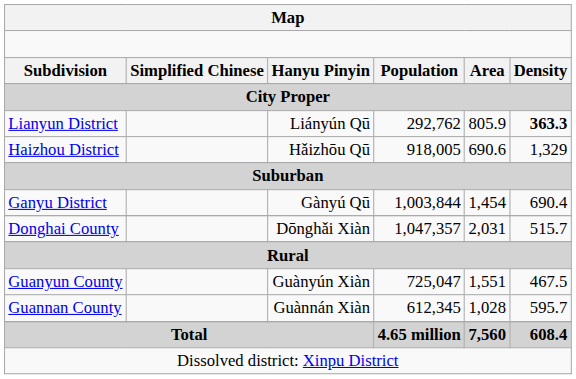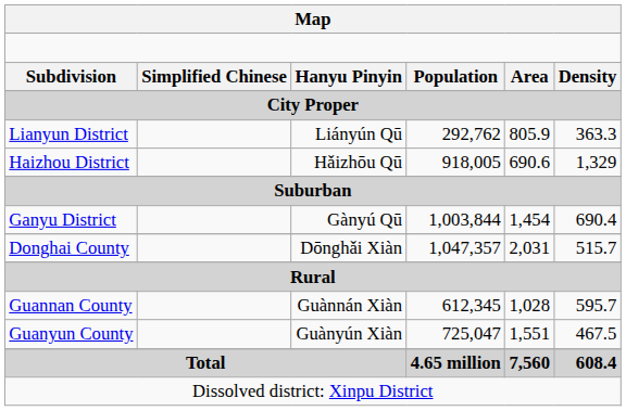 <table class="wikitable">
 <tr>
 <th colspan="6">Map</th>
 </tr>
 <tr>
 <td colspan="6"><div><br>          </div></td>
 </tr>
 <tr>
 <th align=left>Subdivision</th>
 <th align=left>Simplified Chinese</th>
 <th align=left>Hanyu Pinyin</th>
 <th align=left>Population </th>
 <th align=left>Area </th>
 <th align=left>Density </th>
 </tr>
 <tr>
 </tr>
 <tr style="background:#d3d3d3;">
 <td colspan="6"  style="text-align:center; "><strong>City Proper</strong></td>
 </tr>
 <tr>
 <td align=left><a href='#'>Lianyun District</a></td>
 <td align=left></td>
 <td align=right>Liányún Qū</td>
 <td align=right>292,762</td>
 <td align=right>805.9</td>
-<td align=right><strong>363.3</strong></td>
+<td align=right>363.3</td>
 </tr>
 <tr>
 <td align=left><a href='#'>Haizhou District</a></td>
 <td align=left></td>
 <td align=right>Hǎizhōu Qū</td>
 <td align=right>918,005</td>
 <td align=right>690.6</td>
 <td align=right>1,329</td>
 </tr>
 <tr>
 </tr>
 <tr style="background:#d3d3d3;">
 <td colspan="6"  style="text-align:center; "><strong>Suburban</strong></td>
 </tr>
 <tr>
 <td align=left><a href='#'>Ganyu District</a></td>
 <td align=left></td>
 <td align=right>Gànyú Qū</td>
 <td align=right>1,003,844</td>
 <td align=right>1,454</td>
 <td align=right>690.4</td>
 </tr>
 <tr>
 </tr>
 <tr>
 <td align=left><a href='#'>Donghai County</a></td>
 <td align=left></td>
 <td align=right>Dōnghǎi Xiàn</td>
 <td align=right>1,047,357</td>
 <td align=right>2,031</td>
 <td align=right>515.7</td>
 </tr>
 <tr>
 </tr>
 <tr style="background:#d3d3d3;">
 <td colspan="6"  style="text-align:center; "><strong>Rural</strong></td>
 </tr>
 <tr>
+<td align=left><a href='#'>Guannan County</a></td>
+<td align=left></td>
+<td align=right>Guànnán Xiàn</td>
+<td align=right>612,345</td>
+<td align=right>1,028</td>
+<td align=right>595.7</td>
+</tr>
+<tr>
 <td align=left><a href='#'>Guanyun County</a></td>
 <td align=left></td>
 <td align=right>Guànyún Xiàn</td>
 <td align=right>725,047</td>
 <td align=right>1,551</td>
 <td align=right>467.5</td>
-</tr>
-<tr>
-<td align=left><a href='#'>Guannan County</a></td>
-<td align=left></td>
-<td align=right>Guànnán Xiàn</td>
-<td align=right>612,345</td>
-<td align=right>1,028</td>
-<td align=right>595.7</td>
 </tr>
 <tr>
 </tr>
 <tr style="background:#d3d3d3;">
 <td colspan=3 style="text-align:center; "><strong>Total</strong></td>
 <td align=right><strong>4.65 million</strong></td>
 <td align=right><strong>7,560</strong></td>
 <td align=right><strong>608.4</strong></td>
 </tr>
 <tr>
 <td colspan=6 style="text-align:center; ">Dissolved district: <a href='#'>Xinpu District</a></td>
 </tr>
 </table>
